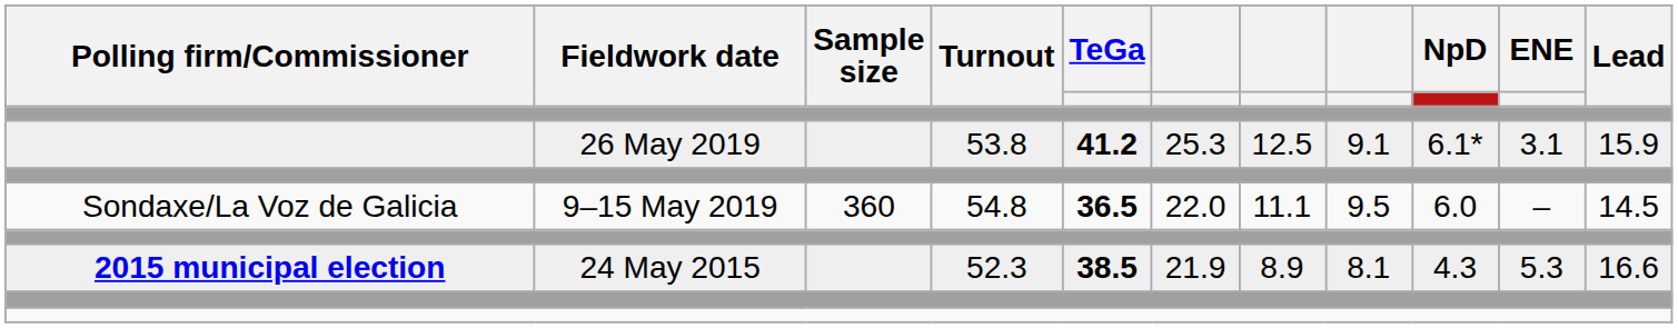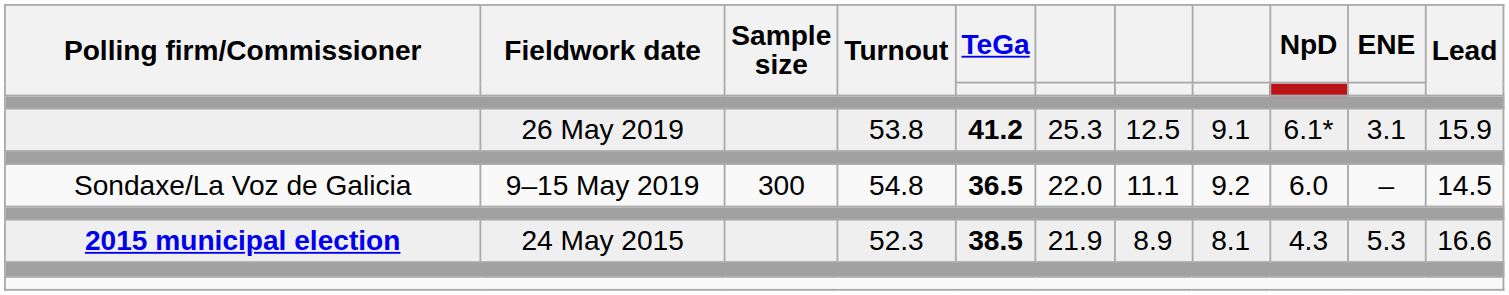 <table class="wikitable collapsible collapsed" style="text-align:center; font-size:95%; line-height:16px;">
 <tr style="height:42px;">
 <th style="width:250px;" rowspan="2">Polling firm/Commissioner</th>
 <th style="width:125px;" rowspan="2">Fieldwork date</th>
 <th style="width:50px;" rowspan="2">Sample size</th>
 <th style="width:45px;" rowspan="2">Turnout</th>
 <th style="width:35px;"><a href='#'>TeGa</a></th>
 <th style="width:35px;"></th>
 <th style="width:35px;"></th>
 <th style="width:35px;"></th>
 <th style="width:35px;">NpD</th>
 <th style="width:35px;">ENE</th>
 <th style="width:30px;" rowspan="2">Lead</th>
 </tr>
 <tr>
 <th style="color:inherit;background:"></th>
 <th style="color:inherit;background:"></th>
 <th style="color:inherit;background:"></th>
 <th style="color:inherit;background:"></th>
 <th style="color:inherit;background:#BA1416;"></th>
 <th style="color:inherit;background:"></th>
 </tr>
 <tr>
 <td colspan="11" style="background:#A0A0A0"></td>
 </tr>
 <tr style="background:#EFEFEF;">
 <td><strong></strong></td>
 <td>26 May 2019</td>
 <td></td>
 <td>53.8</td>
 <td><strong>41.2</strong><br></td>
 <td>25.3<br></td>
 <td>12.5<br></td>
 <td>9.1<br></td>
 <td>6.1*<br></td>
 <td>3.1<br></td>
 <td style="background:">15.9</td>
 </tr>
 <tr>
 <td colspan="11" style="background:#A0A0A0"></td>
 </tr>
 <tr>
 <td>Sondaxe/La Voz de Galicia</td>
 <td>9–15 May 2019</td>
-<td>360</td>
+<td>300</td>
 <td>54.8</td>
 <td><strong>36.5</strong><br></td>
 <td>22.0<br></td>
 <td>11.1<br></td>
-<td>9.5<br></td>
+<td>9.2<br></td>
 <td>6.0<br></td>
 <td>–</td>
 <td style="background:">14.5</td>
 </tr>
 <tr>
 <td colspan="11" style="background:#A0A0A0"></td>
 </tr>
 <tr style="background:#EFEFEF;">
 <td><strong><a href='#'>2015 municipal election</a></strong></td>
 <td>24 May 2015</td>
 <td></td>
 <td>52.3</td>
 <td><strong>38.5</strong><br></td>
 <td>21.9<br></td>
 <td>8.9<br></td>
 <td>8.1<br></td>
 <td>4.3<br></td>
 <td>5.3<br></td>
 <td style="background:">16.6</td>
 </tr>
 <tr>
 <td colspan="11" style="background:#A0A0A0"></td>
 </tr>
 <tr>
 <td align="left" colspan="11"></td>
 </tr>
 </table>
